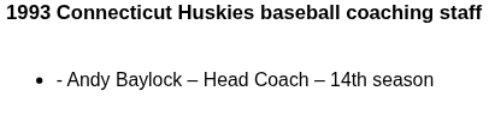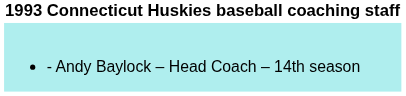 <table class="toccolours">
 <tr>
 <th colspan=9>1993 Connecticut Huskies baseball coaching staff</th>
 </tr>
 <tr>
-<td style="text-align: left; font-size: 95%;" valign="top"><br><ul><li>- Andy Baylock – Head Coach – 14th season</li></ul></td>
+<td style="background: paleturquoise; text-align: left; font-size: 95%;" valign="top"><br><ul><li>- Andy Baylock – Head Coach – 14th season</li></ul></td>
 </tr>
 </table>
